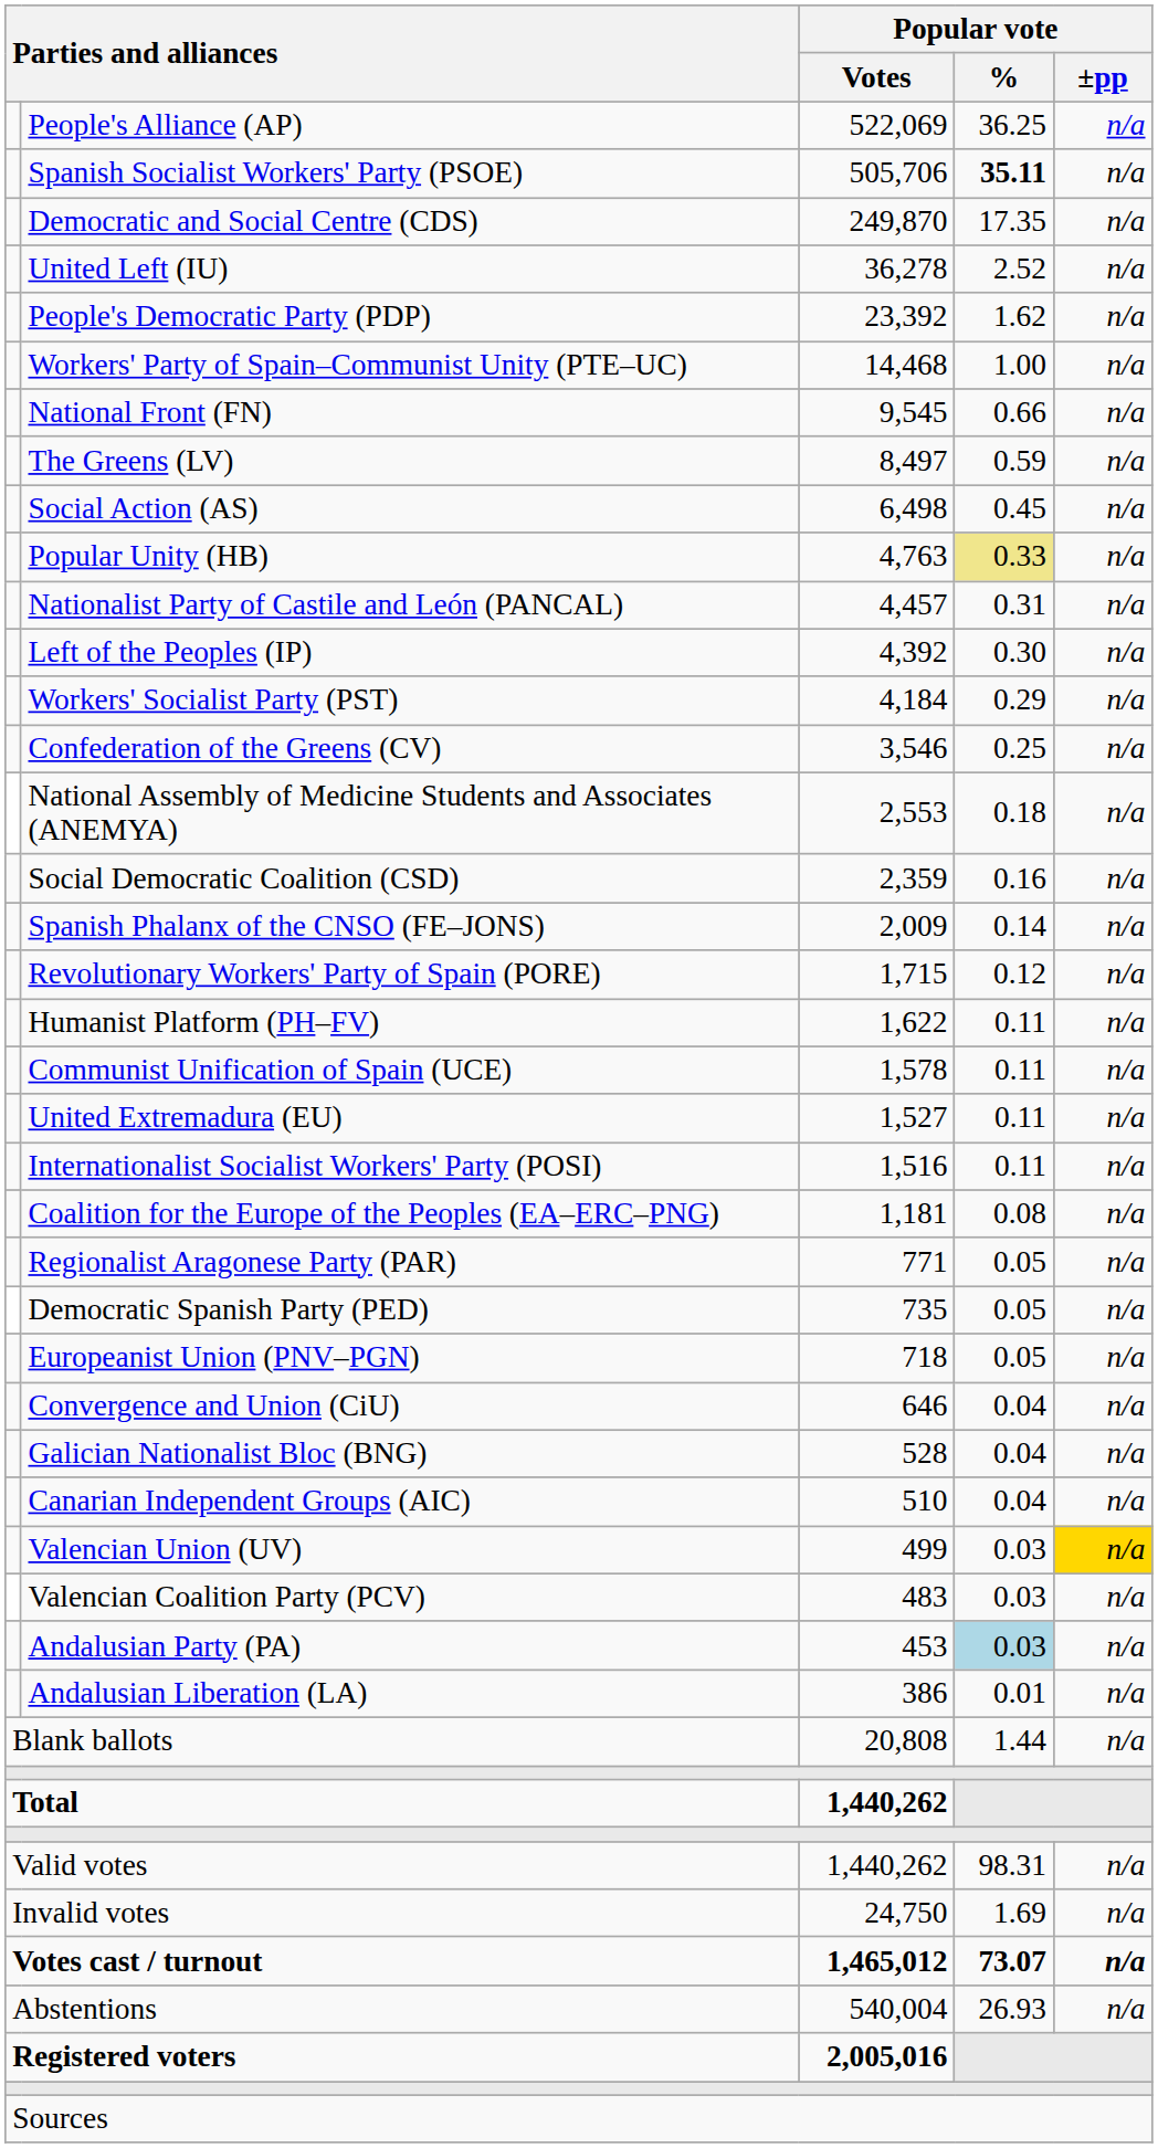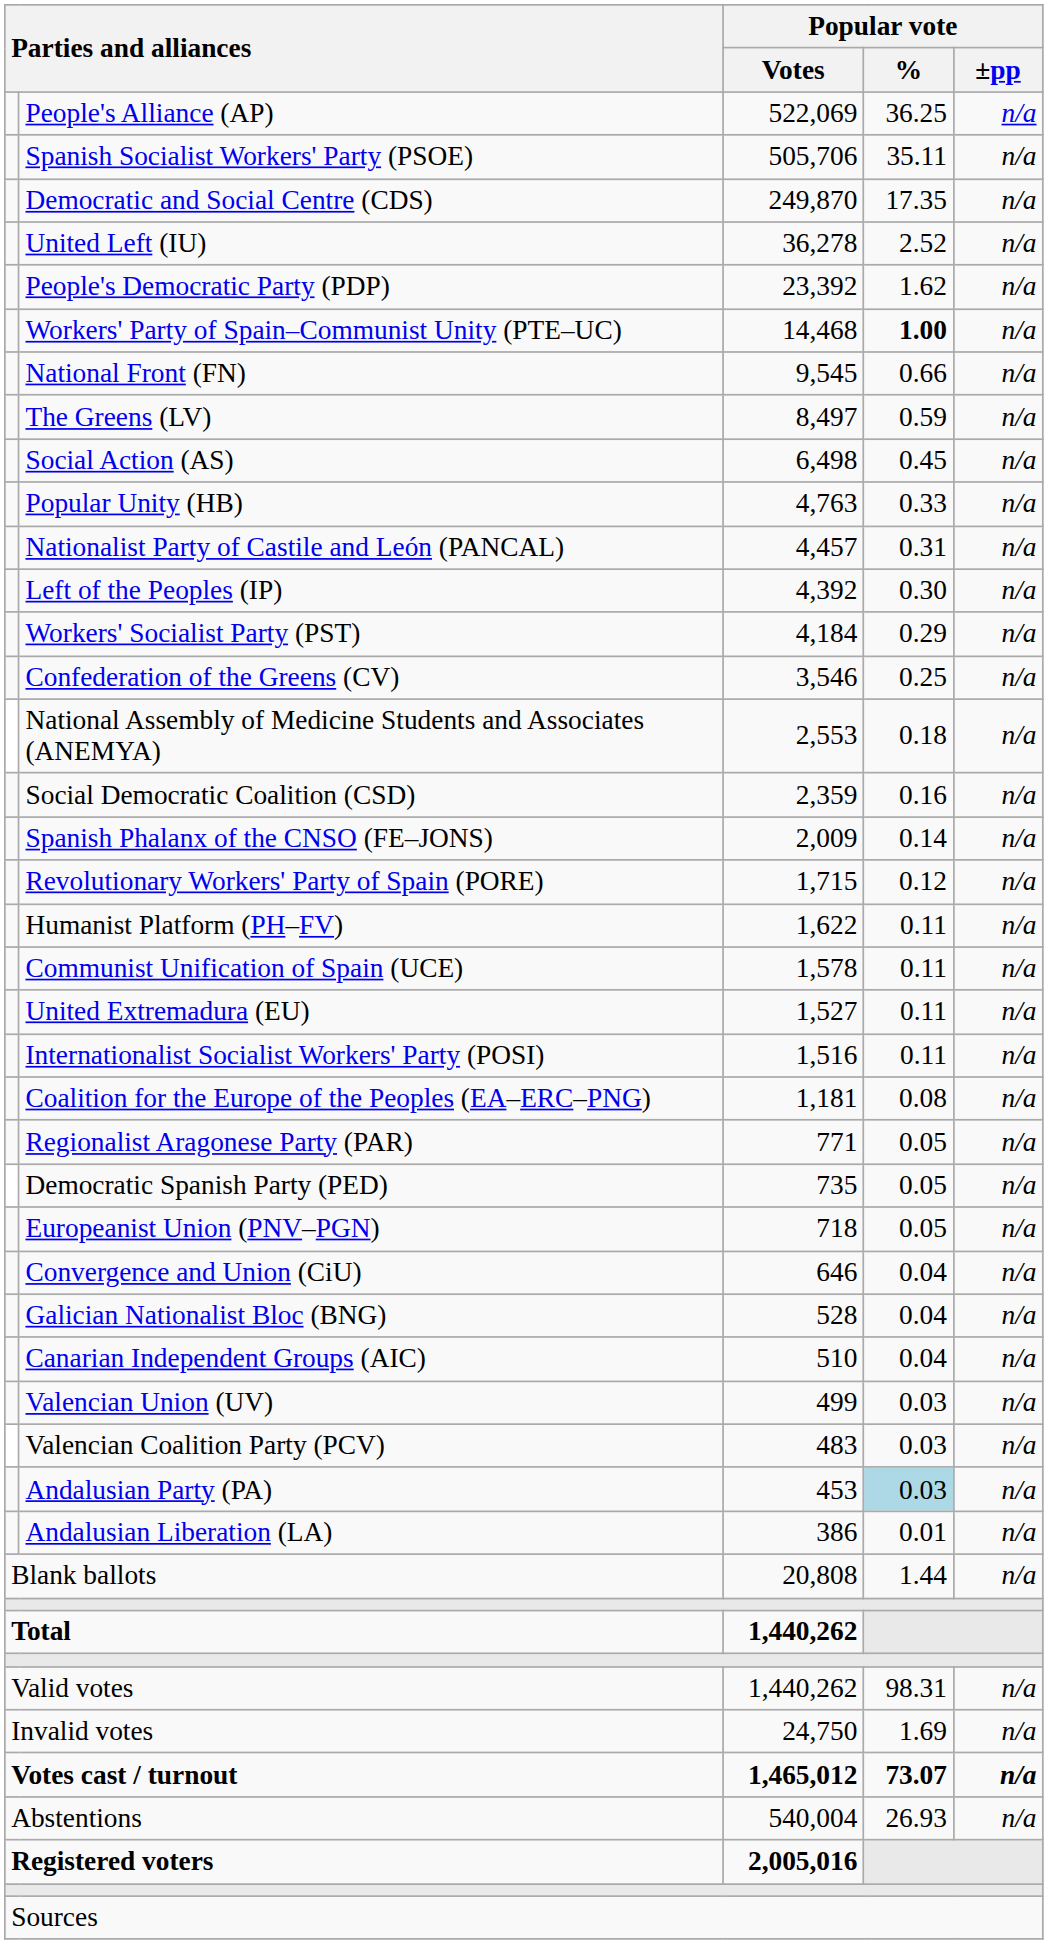 <table class="wikitable" style="text-align:right">
 <tr>
 <th style="text-align:left;" rowspan="2" colspan="2" width="525">Parties and alliances</th>
 <th colspan="3">Popular vote</th>
 </tr>
 <tr>
 <th width="75">Votes</th>
 <th width="45">%</th>
 <th width="45">±<a href='#'>pp</a></th>
 </tr>
 <tr>
 <td width="1" style="color:inherit;background:"></td>
 <td align="left"><a href='#'>People's Alliance</a> (AP)</td>
 <td>522,069</td>
 <td>36.25</td>
 <td><em><a href='#'>n/a</a></em></td>
 </tr>
 <tr>
 <td style="color:inherit;background:"></td>
 <td align="left"><a href='#'>Spanish Socialist Workers' Party</a> (PSOE)</td>
 <td>505,706</td>
-<td><strong>35.11</strong></td>
+<td>35.11</td>
 <td><em>n/a</em></td>
 </tr>
 <tr>
 <td style="color:inherit;background:"></td>
 <td align="left"><a href='#'>Democratic and Social Centre</a> (CDS)</td>
 <td>249,870</td>
 <td>17.35</td>
 <td><em>n/a</em></td>
 </tr>
 <tr>
 <td style="color:inherit;background:"></td>
 <td align="left"><a href='#'>United Left</a> (IU)</td>
 <td>36,278</td>
 <td>2.52</td>
 <td><em>n/a</em></td>
 </tr>
 <tr>
 <td style="color:inherit;background:"></td>
 <td align="left"><a href='#'>People's Democratic Party</a> (PDP)</td>
 <td>23,392</td>
 <td>1.62</td>
 <td><em>n/a</em></td>
 </tr>
 <tr>
 <td style="color:inherit;background:"></td>
 <td align="left"><a href='#'>Workers' Party of Spain–Communist Unity</a> (PTE–UC)</td>
 <td>14,468</td>
-<td>1.00</td>
+<td><strong>1.00</strong></td>
 <td><em>n/a</em></td>
 </tr>
 <tr>
 <td style="color:inherit;background:"></td>
 <td align="left"><a href='#'>National Front</a> (FN)</td>
 <td>9,545</td>
 <td>0.66</td>
 <td><em>n/a</em></td>
 </tr>
 <tr>
 <td style="color:inherit;background:"></td>
 <td align="left"><a href='#'>The Greens</a> (LV)</td>
 <td>8,497</td>
 <td>0.59</td>
 <td><em>n/a</em></td>
 </tr>
 <tr>
 <td style="color:inherit;background:"></td>
 <td align="left"><a href='#'>Social Action</a> (AS)</td>
 <td>6,498</td>
 <td>0.45</td>
 <td><em>n/a</em></td>
 </tr>
 <tr>
 <td style="color:inherit;background:"></td>
 <td align="left"><a href='#'>Popular Unity</a> (HB)</td>
 <td>4,763</td>
-<td style="background: khaki;">0.33</td>
+<td>0.33</td>
 <td><em>n/a</em></td>
 </tr>
 <tr>
 <td style="color:inherit;background:"></td>
 <td align="left"><a href='#'>Nationalist Party of Castile and León</a> (PANCAL)</td>
 <td>4,457</td>
 <td>0.31</td>
 <td><em>n/a</em></td>
 </tr>
 <tr>
 <td style="color:inherit;background:"></td>
 <td align="left"><a href='#'>Left of the Peoples</a> (IP)</td>
 <td>4,392</td>
 <td>0.30</td>
 <td><em>n/a</em></td>
 </tr>
 <tr>
 <td style="color:inherit;background:"></td>
 <td align="left"><a href='#'>Workers' Socialist Party</a> (PST)</td>
 <td>4,184</td>
 <td>0.29</td>
 <td><em>n/a</em></td>
 </tr>
 <tr>
 <td style="color:inherit;background:"></td>
 <td align="left"><a href='#'>Confederation of the Greens</a> (CV)</td>
 <td>3,546</td>
 <td>0.25</td>
 <td><em>n/a</em></td>
 </tr>
 <tr>
 <td bgcolor="white"></td>
 <td align="left">National Assembly of Medicine Students and Associates (ANEMYA)</td>
 <td>2,553</td>
 <td>0.18</td>
 <td><em>n/a</em></td>
 </tr>
 <tr>
 <td style="color:inherit;background:"></td>
 <td align="left">Social Democratic Coalition (CSD)</td>
 <td>2,359</td>
 <td>0.16</td>
 <td><em>n/a</em></td>
 </tr>
 <tr>
 <td style="color:inherit;background:"></td>
 <td align="left"><a href='#'>Spanish Phalanx of the CNSO</a> (FE–JONS)</td>
 <td>2,009</td>
 <td>0.14</td>
 <td><em>n/a</em></td>
 </tr>
 <tr>
 <td style="color:inherit;background:"></td>
 <td align="left"><a href='#'>Revolutionary Workers' Party of Spain</a> (PORE)</td>
 <td>1,715</td>
 <td>0.12</td>
 <td><em>n/a</em></td>
 </tr>
 <tr>
 <td style="color:inherit;background:"></td>
 <td align="left">Humanist Platform (<a href='#'>PH</a>–<a href='#'>FV</a>)</td>
 <td>1,622</td>
 <td>0.11</td>
 <td><em>n/a</em></td>
 </tr>
 <tr>
 <td style="color:inherit;background:"></td>
 <td align="left"><a href='#'>Communist Unification of Spain</a> (UCE)</td>
 <td>1,578</td>
 <td>0.11</td>
 <td><em>n/a</em></td>
 </tr>
 <tr>
 <td style="color:inherit;background:"></td>
 <td align="left"><a href='#'>United Extremadura</a> (EU)</td>
 <td>1,527</td>
 <td>0.11</td>
 <td><em>n/a</em></td>
 </tr>
 <tr>
 <td style="color:inherit;background:"></td>
 <td align="left"><a href='#'>Internationalist Socialist Workers' Party</a> (POSI)</td>
 <td>1,516</td>
 <td>0.11</td>
 <td><em>n/a</em></td>
 </tr>
 <tr>
 <td style="color:inherit;background:"></td>
 <td align="left"><a href='#'>Coalition for the Europe of the Peoples</a> (<a href='#'>EA</a>–<a href='#'>ERC</a>–<a href='#'>PNG</a>)</td>
 <td>1,181</td>
 <td>0.08</td>
 <td><em>n/a</em></td>
 </tr>
 <tr>
 <td style="color:inherit;background:"></td>
 <td align="left"><a href='#'>Regionalist Aragonese Party</a> (PAR)</td>
 <td>771</td>
 <td>0.05</td>
 <td><em>n/a</em></td>
 </tr>
 <tr>
 <td bgcolor="white"></td>
 <td align="left">Democratic Spanish Party (PED)</td>
 <td>735</td>
 <td>0.05</td>
 <td><em>n/a</em></td>
 </tr>
 <tr>
 <td style="color:inherit;background:"></td>
 <td align="left"><a href='#'>Europeanist Union</a> (<a href='#'>PNV</a>–<a href='#'>PGN</a>)</td>
 <td>718</td>
 <td>0.05</td>
 <td><em>n/a</em></td>
 </tr>
 <tr>
 <td style="color:inherit;background:"></td>
 <td align="left"><a href='#'>Convergence and Union</a> (CiU)</td>
 <td>646</td>
 <td>0.04</td>
 <td><em>n/a</em></td>
 </tr>
 <tr>
 <td style="color:inherit;background:"></td>
 <td align="left"><a href='#'>Galician Nationalist Bloc</a> (BNG)</td>
 <td>528</td>
 <td>0.04</td>
 <td><em>n/a</em></td>
 </tr>
 <tr>
 <td style="color:inherit;background:"></td>
 <td align="left"><a href='#'>Canarian Independent Groups</a> (AIC)</td>
 <td>510</td>
 <td>0.04</td>
 <td><em>n/a</em></td>
 </tr>
 <tr>
 <td style="color:inherit;background:"></td>
 <td align="left"><a href='#'>Valencian Union</a> (UV)</td>
 <td>499</td>
 <td>0.03</td>
-<td style="background: gold;"><em>n/a</em></td>
+<td><em>n/a</em></td>
 </tr>
 <tr>
 <td bgcolor="white"></td>
 <td align="left">Valencian Coalition Party (PCV)</td>
 <td>483</td>
 <td>0.03</td>
 <td><em>n/a</em></td>
 </tr>
 <tr>
 <td style="color:inherit;background:"></td>
 <td align="left"><a href='#'>Andalusian Party</a> (PA)</td>
 <td>453</td>
 <td style="background: lightblue;">0.03</td>
 <td><em>n/a</em></td>
 </tr>
 <tr>
 <td style="color:inherit;background:"></td>
 <td align="left"><a href='#'>Andalusian Liberation</a> (LA)</td>
 <td>386</td>
 <td>0.01</td>
 <td><em>n/a</em></td>
 </tr>
 <tr>
 <td align="left" colspan="2">Blank ballots</td>
 <td>20,808</td>
 <td>1.44</td>
 <td><em>n/a</em></td>
 </tr>
 <tr>
 <td colspan="5" bgcolor="#E9E9E9"></td>
 </tr>
 <tr style="font-weight:bold;">
 <td align="left" colspan="2">Total</td>
 <td>1,440,262</td>
 <td bgcolor="#E9E9E9" colspan="2"></td>
 </tr>
 <tr>
 <td colspan="5" bgcolor="#E9E9E9"></td>
 </tr>
 <tr>
 <td align="left" colspan="2">Valid votes</td>
 <td>1,440,262</td>
 <td>98.31</td>
 <td><em>n/a</em></td>
 </tr>
 <tr>
 <td align="left" colspan="2">Invalid votes</td>
 <td>24,750</td>
 <td>1.69</td>
 <td><em>n/a</em></td>
 </tr>
 <tr style="font-weight:bold;">
 <td align="left" colspan="2">Votes cast / turnout</td>
 <td>1,465,012</td>
 <td>73.07</td>
 <td><em>n/a</em></td>
 </tr>
 <tr>
 <td align="left" colspan="2">Abstentions</td>
 <td>540,004</td>
 <td>26.93</td>
 <td><em>n/a</em></td>
 </tr>
 <tr style="font-weight:bold;">
 <td align="left" colspan="2">Registered voters</td>
 <td>2,005,016</td>
 <td bgcolor="#E9E9E9" colspan="2"></td>
 </tr>
 <tr>
 <td colspan="5" bgcolor="#E9E9E9"></td>
 </tr>
 <tr>
 <td align="left" colspan="5">Sources</td>
 </tr>
 </table>
